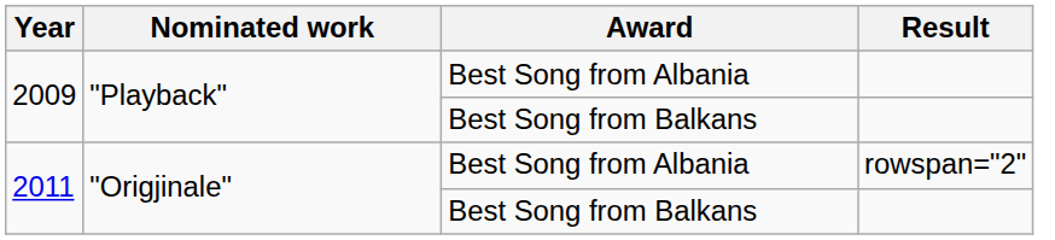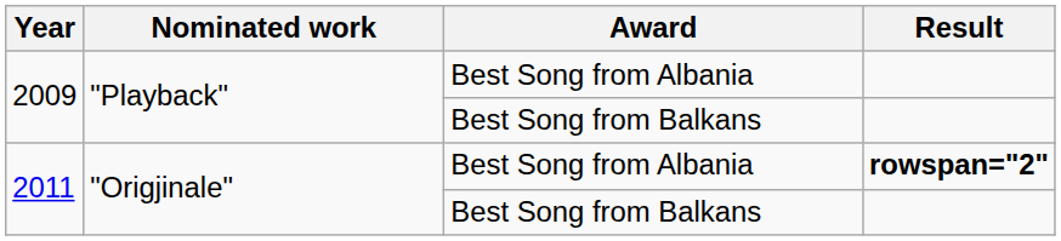 <table class="wikitable">
 <tr>
 <th>Year</th>
 <th scope="col" style="width:12em;">Nominated work</th>
 <th scope="col" style="width:14em;">Award</th>
 <th>Result</th>
 </tr>
 <tr>
 <td rowspan="2">2009</td>
 <td rowspan="2">"Playback"</td>
 <td>Best Song from Albania</td>
 <td></td>
 </tr>
 <tr>
 <td>Best Song from Balkans</td>
 <td></td>
 </tr>
 <tr>
 <td rowspan="2"><a href='#'>2011</a></td>
 <td rowspan="2">"Origjinale"</td>
 <td>Best Song from Albania</td>
-<td>rowspan="2" </td>
+<td><strong>rowspan="2" </strong></td>
 </tr>
 <tr>
 <td>Best Song from Balkans</td>
 </tr>
 </table>
